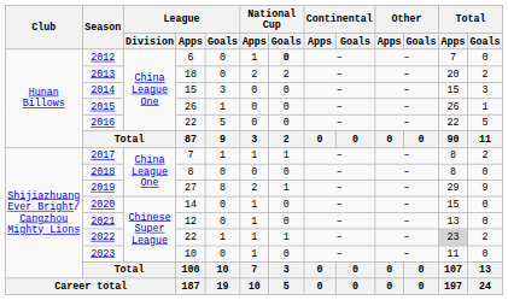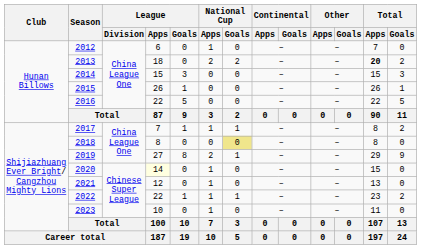 <table class="wikitable" style="text-align: center">
 <tr>
 <th rowspan="2">Club</th>
 <th rowspan="2">Season</th>
 <th colspan="3">League</th>
 <th colspan="2">National Cup</th>
 <th colspan="2">Continental</th>
 <th colspan="2">Other</th>
 <th colspan="2">Total</th>
 </tr>
 <tr>
 <th>Division</th>
 <th>Apps</th>
 <th>Goals</th>
 <th>Apps</th>
 <th>Goals</th>
 <th>Apps</th>
 <th>Goals</th>
 <th>Apps</th>
 <th>Goals</th>
 <th>Apps</th>
 <th>Goals</th>
 </tr>
 <tr>
 <td rowspan="6"><a href='#'>Hunan Billows</a></td>
 <td><a href='#'>2012</a></td>
 <td rowspan="5"><a href='#'>China League One</a></td>
 <td>6</td>
 <td>0</td>
 <td>1</td>
-<td><strong>0</strong></td>
+<td>0</td>
 <td colspan="2">–</td>
 <td colspan="2">–</td>
 <td>7</td>
 <td>0</td>
 </tr>
 <tr>
 <td><a href='#'>2013</a></td>
 <td>18</td>
 <td>0</td>
 <td>2</td>
 <td>2</td>
 <td colspan="2">–</td>
 <td colspan="2">–</td>
-<td>20</td>
+<td><strong>20</strong></td>
 <td>2</td>
 </tr>
 <tr>
 <td><a href='#'>2014</a></td>
 <td>15</td>
 <td>3</td>
 <td>0</td>
 <td>0</td>
 <td colspan="2">–</td>
 <td colspan="2">–</td>
 <td>15</td>
 <td>3</td>
 </tr>
 <tr>
 <td><a href='#'>2015</a></td>
 <td>26</td>
 <td>1</td>
 <td>0</td>
 <td>0</td>
 <td colspan="2">–</td>
 <td colspan="2">–</td>
 <td>26</td>
 <td>1</td>
 </tr>
 <tr>
 <td><a href='#'>2016</a></td>
 <td>22</td>
 <td>5</td>
 <td>0</td>
 <td>0</td>
 <td colspan="2">–</td>
 <td colspan="2">–</td>
 <td>22</td>
 <td>5</td>
 </tr>
 <tr>
 <th colspan=2>Total</th>
 <th>87</th>
 <th>9</th>
 <th>3</th>
 <th>2</th>
 <th>0</th>
 <th>0</th>
 <th>0</th>
 <th>0</th>
 <th>90</th>
 <th>11</th>
 </tr>
 <tr>
 <td rowspan=8><a href='#'>Shijiazhuang Ever Bright</a>/<br><a href='#'>Cangzhou Mighty Lions</a></td>
 <td><a href='#'>2017</a></td>
 <td rowspan="3"><a href='#'>China League One</a></td>
 <td>7</td>
 <td>1</td>
 <td>1</td>
 <td>1</td>
 <td colspan="2">–</td>
 <td colspan="2">–</td>
 <td>8</td>
 <td>2</td>
 </tr>
 <tr>
 <td><a href='#'>2018</a></td>
 <td>8</td>
 <td>0</td>
 <td>0</td>
-<td>0</td>
+<td style="background: khaki;">0</td>
 <td colspan="2">–</td>
 <td colspan="2">–</td>
 <td>8</td>
 <td>0</td>
 </tr>
 <tr>
 <td><a href='#'>2019</a></td>
 <td>27</td>
 <td>8</td>
 <td>2</td>
 <td>1</td>
 <td colspan="2">–</td>
 <td colspan="2">–</td>
 <td>29</td>
 <td>9</td>
 </tr>
 <tr>
 <td><a href='#'>2020</a></td>
 <td rowspan=4><a href='#'>Chinese Super League</a></td>
-<td>14</td>
+<td style="background: lightyellow;">14</td>
 <td>0</td>
 <td>1</td>
 <td>0</td>
 <td colspan="2">–</td>
 <td colspan="2">–</td>
 <td>15</td>
 <td>0</td>
 </tr>
 <tr>
 <td><a href='#'>2021</a></td>
 <td>12</td>
 <td>0</td>
 <td>1</td>
 <td>0</td>
 <td colspan="2">–</td>
 <td colspan="2">–</td>
 <td>13</td>
 <td>0</td>
 </tr>
 <tr>
 <td><a href='#'>2022</a></td>
 <td>22</td>
 <td>1</td>
 <td>1</td>
 <td>1</td>
 <td colspan="2">–</td>
 <td colspan="2">–</td>
-<td style="background: lightgrey;">23</td>
+<td>23</td>
 <td>2</td>
 </tr>
 <tr>
 <td><a href='#'>2023</a></td>
 <td>10</td>
 <td>0</td>
 <td>1</td>
 <td>0</td>
 <td colspan="2">–</td>
 <td colspan="2">–</td>
 <td>11</td>
 <td>0</td>
 </tr>
 <tr>
 <th colspan=2>Total</th>
 <th>100</th>
 <th>10</th>
 <th>7</th>
 <th>3</th>
 <th>0</th>
 <th>0</th>
 <th>0</th>
 <th>0</th>
 <th>107</th>
 <th>13</th>
 </tr>
 <tr>
 <th colspan=3>Career total</th>
 <th>187</th>
 <th>19</th>
 <th>10</th>
 <th>5</th>
 <th>0</th>
 <th>0</th>
 <th>0</th>
 <th>0</th>
 <th>197</th>
 <th>24</th>
 </tr>
 </table>
